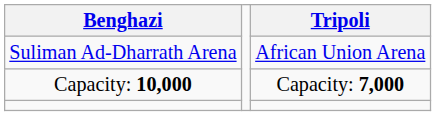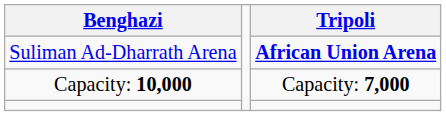 <table class="wikitable" style="text-align:center">
 <tr>
 <th><a href='#'>Benghazi</a></th>
 <td rowspan="4"></td>
 <th><a href='#'>Tripoli</a></th>
 </tr>
 <tr>
 <td><a href='#'>Suliman Ad-Dharrath Arena</a></td>
-<td><a href='#'>African Union Arena</a></td>
+<td><strong><a href='#'>African Union Arena</a></strong></td>
 </tr>
 <tr>
 <td>Capacity: <strong>10,000</strong></td>
 <td>Capacity: <strong>7,000</strong></td>
 </tr>
 <tr>
 <td></td>
 <td></td>
 </tr>
 </table>
